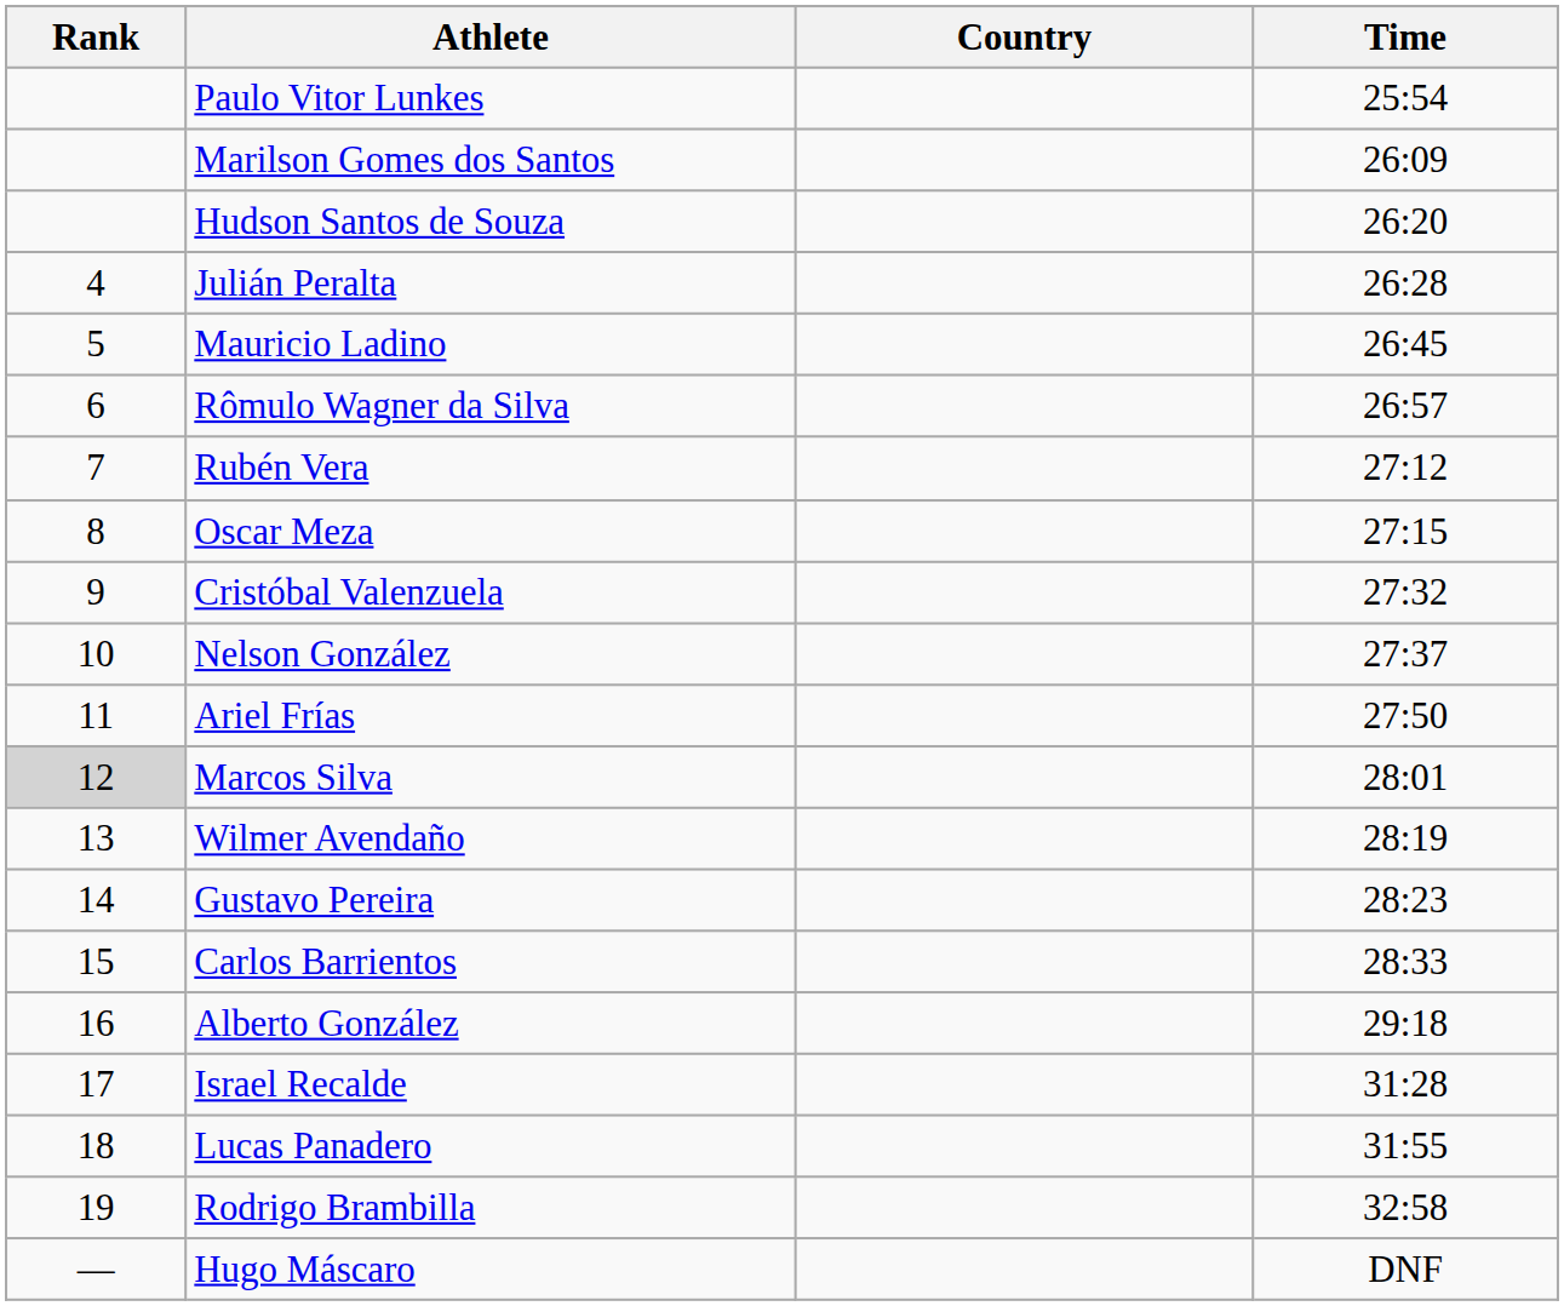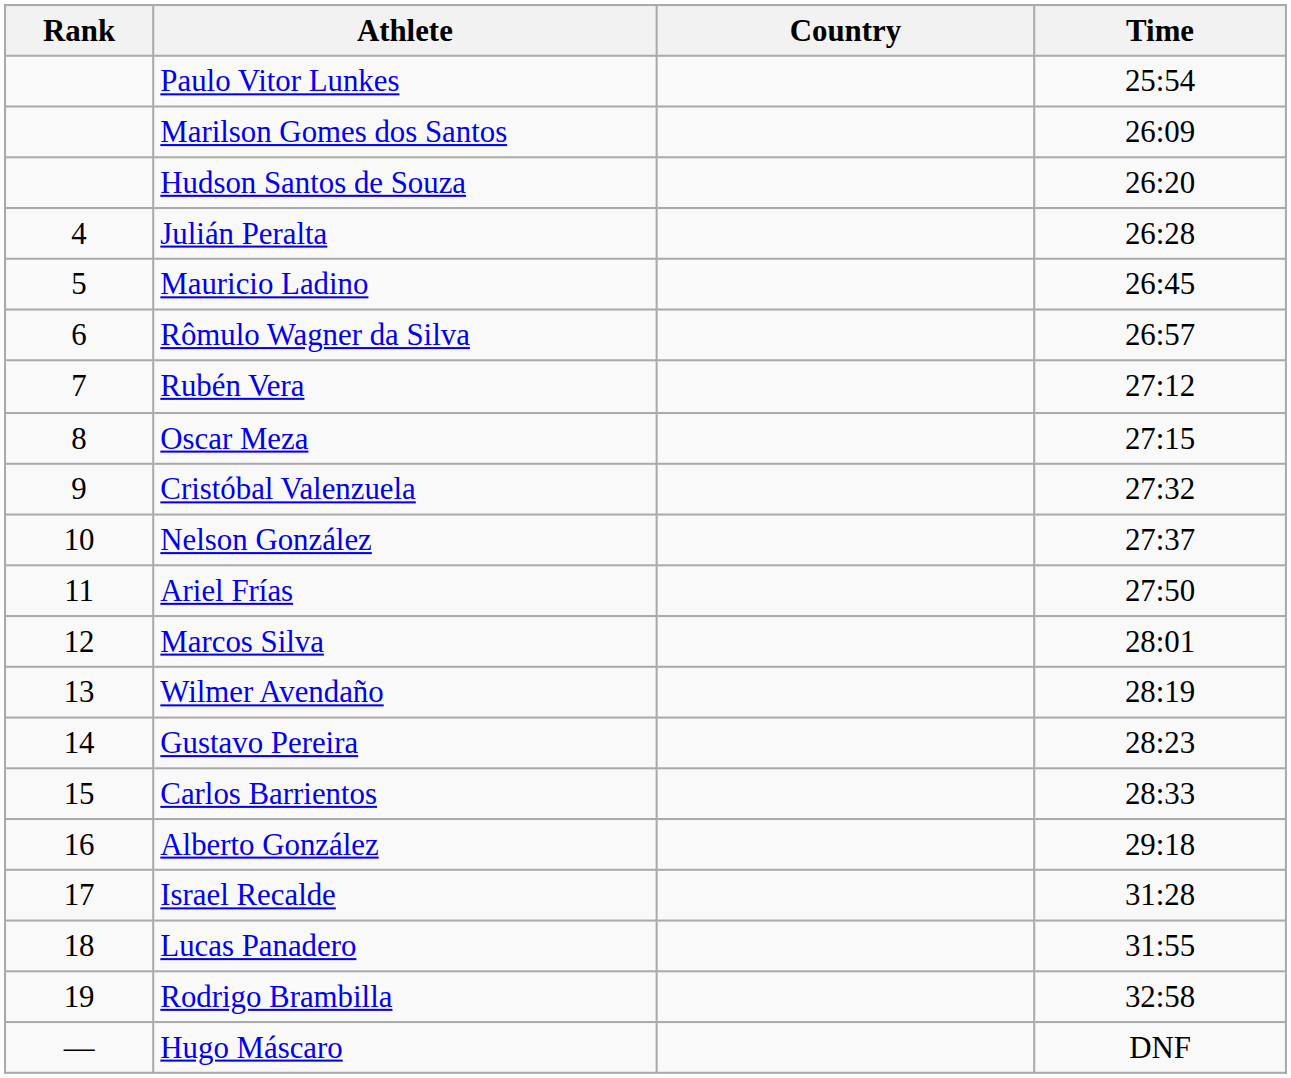 <table class="wikitable sortable" style=" text-align:center; font-size:95%;" width="50%">
 <tr>
 </tr>
 <tr>
 <th width=5%>Rank</th>
 <th width=20%>Athlete</th>
 <th width=15%>Country</th>
 <th width=10%>Time</th>
 </tr>
 <tr>
 <td align=center></td>
 <td align=left><a href='#'>Paulo Vitor Lunkes</a></td>
 <td align=left></td>
 <td>25:54</td>
 </tr>
 <tr>
 <td align=center></td>
 <td align=left><a href='#'>Marilson Gomes dos Santos</a></td>
 <td align=left></td>
 <td>26:09</td>
 </tr>
 <tr>
 <td align=center></td>
 <td align=left><a href='#'>Hudson Santos de Souza</a></td>
 <td align=left></td>
 <td>26:20</td>
 </tr>
 <tr>
 <td align=center>4</td>
 <td align=left><a href='#'>Julián Peralta</a></td>
 <td align=left></td>
 <td>26:28</td>
 </tr>
 <tr>
 <td align=center>5</td>
 <td align=left><a href='#'>Mauricio Ladino</a></td>
 <td align=left></td>
 <td>26:45</td>
 </tr>
 <tr>
 <td align=center>6</td>
 <td align=left><a href='#'>Rômulo Wagner da Silva</a></td>
 <td align=left></td>
 <td>26:57</td>
 </tr>
 <tr>
 <td align=center>7</td>
 <td align=left><a href='#'>Rubén Vera</a></td>
 <td align=left></td>
 <td>27:12</td>
 </tr>
 <tr>
 <td align=center>8</td>
 <td align=left><a href='#'>Oscar Meza</a></td>
 <td align=left></td>
 <td>27:15</td>
 </tr>
 <tr>
 <td align=center>9</td>
 <td align=left><a href='#'>Cristóbal Valenzuela</a></td>
 <td align=left></td>
 <td>27:32</td>
 </tr>
 <tr>
 <td align=center>10</td>
 <td align=left><a href='#'>Nelson González</a></td>
 <td align=left></td>
 <td>27:37</td>
 </tr>
 <tr>
 <td align=center>11</td>
 <td align=left><a href='#'>Ariel Frías</a></td>
 <td align=left></td>
 <td>27:50</td>
 </tr>
 <tr>
-<td align=center style="background: lightgrey;">12</td>
+<td align=center>12</td>
 <td align=left><a href='#'>Marcos Silva</a></td>
 <td align=left></td>
 <td>28:01</td>
 </tr>
 <tr>
 <td align=center>13</td>
 <td align=left><a href='#'>Wilmer Avendaño</a></td>
 <td align=left></td>
 <td>28:19</td>
 </tr>
 <tr>
 <td align=center>14</td>
 <td align=left><a href='#'>Gustavo Pereira</a></td>
 <td align=left></td>
 <td>28:23</td>
 </tr>
 <tr>
 <td align=center>15</td>
 <td align=left><a href='#'>Carlos Barrientos</a></td>
 <td align=left></td>
 <td>28:33</td>
 </tr>
 <tr>
 <td align=center>16</td>
 <td align=left><a href='#'>Alberto González</a></td>
 <td align=left></td>
 <td>29:18</td>
 </tr>
 <tr>
 <td align=center>17</td>
 <td align=left><a href='#'>Israel Recalde</a></td>
 <td align=left></td>
 <td>31:28</td>
 </tr>
 <tr>
 <td align=center>18</td>
 <td align=left><a href='#'>Lucas Panadero</a></td>
 <td align=left></td>
 <td>31:55</td>
 </tr>
 <tr>
 <td align=center>19</td>
 <td align=left><a href='#'>Rodrigo Brambilla</a></td>
 <td align=left></td>
 <td>32:58</td>
 </tr>
 <tr>
 <td align=center>—</td>
 <td align=left><a href='#'>Hugo Máscaro</a></td>
 <td align=left></td>
 <td>DNF</td>
 </tr>
 </table>
